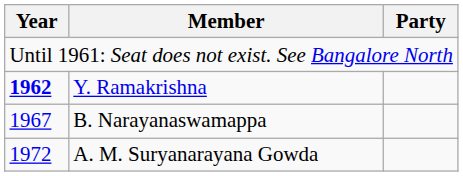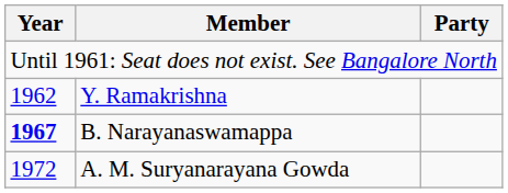 <table class="wikitable sortable">
 <tr>
 <th>Year</th>
 <th>Member</th>
 <th colspan="2">Party</th>
 </tr>
 <tr>
 <td colspan=4 align="center">Until 1961: <em>Seat does not exist. See <a href='#'>Bangalore North</a></em></td>
 </tr>
 <tr>
-<td><strong><a href='#'>1962</a></strong></td>
+<td><a href='#'>1962</a></td>
 <td><a href='#'>Y. Ramakrishna</a></td>
 <td></td>
 </tr>
 <tr>
-<td><a href='#'>1967</a></td>
+<td><strong><a href='#'>1967</a></strong></td>
 <td>B. Narayanaswamappa</td>
 <td></td>
 </tr>
 <tr>
 <td><a href='#'>1972</a></td>
 <td>A. M. Suryanarayana Gowda</td>
 <td></td>
 </tr>
 </table>
